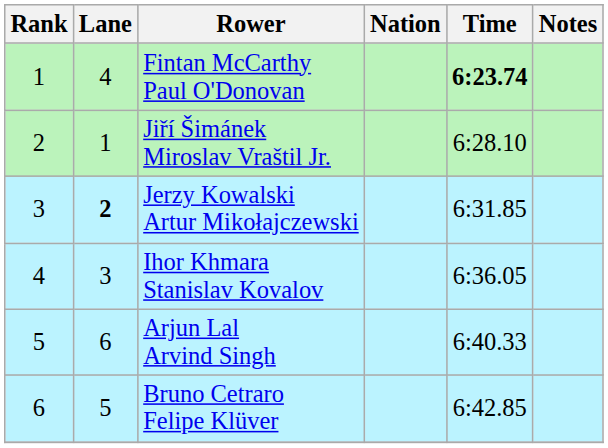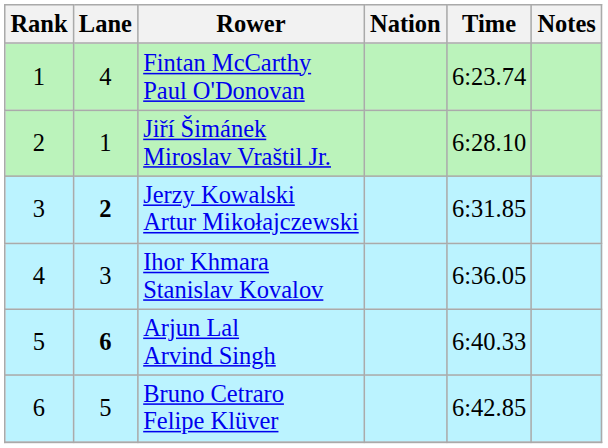 <table class="wikitable sortable" style="text-align:center">
 <tr>
 <th>Rank</th>
 <th>Lane</th>
 <th>Rower</th>
 <th>Nation</th>
 <th>Time</th>
 <th>Notes</th>
 </tr>
 <tr bgcolor=bbf3bb>
 <td>1</td>
 <td>4</td>
 <td align="left"><a href='#'>Fintan McCarthy</a><br><a href='#'>Paul O'Donovan</a></td>
 <td align="left"></td>
-<td><strong>6:23.74</strong></td>
+<td>6:23.74</td>
 <td></td>
 </tr>
 <tr bgcolor=bbf3bb>
 <td>2</td>
 <td>1</td>
 <td align="left"><a href='#'>Jiří Šimánek</a><br><a href='#'>Miroslav Vraštil Jr.</a></td>
 <td align="left"></td>
 <td>6:28.10</td>
 <td></td>
 </tr>
 <tr bgcolor=bbf3ff>
 <td>3</td>
 <td><strong>2</strong></td>
 <td align="left"><a href='#'>Jerzy Kowalski</a><br><a href='#'>Artur Mikołajczewski</a></td>
 <td align="left"></td>
 <td>6:31.85</td>
 <td></td>
 </tr>
 <tr bgcolor=bbf3ff>
 <td>4</td>
 <td>3</td>
 <td align="left"><a href='#'>Ihor Khmara</a><br><a href='#'>Stanislav Kovalov</a></td>
 <td align="left"></td>
 <td>6:36.05</td>
 <td></td>
 </tr>
 <tr bgcolor=bbf3ff>
 <td>5</td>
-<td>6</td>
+<td><strong>6</strong></td>
 <td align="left"><a href='#'>Arjun Lal</a><br><a href='#'>Arvind Singh</a></td>
 <td align="left"></td>
 <td>6:40.33</td>
 <td></td>
 </tr>
 <tr bgcolor=bbf3ff>
 <td>6</td>
 <td>5</td>
 <td align="left"><a href='#'>Bruno Cetraro</a><br><a href='#'>Felipe Klüver</a></td>
 <td align="left"></td>
 <td>6:42.85</td>
 <td></td>
 </tr>
 <tr>
 </tr>
 </table>
